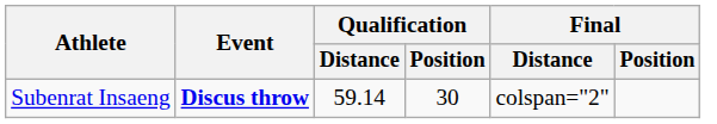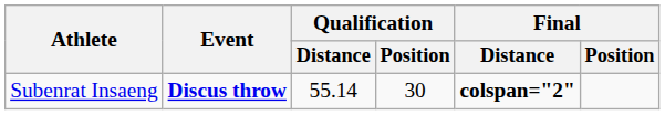 <table class=wikitable style="font-size:90%">
 <tr>
 <th rowspan="2">Athlete</th>
 <th rowspan="2">Event</th>
 <th colspan="2">Qualification</th>
 <th colspan="2">Final</th>
 </tr>
 <tr style="font-size:95%">
 <th>Distance</th>
 <th>Position</th>
 <th>Distance</th>
 <th>Position</th>
 </tr>
 <tr style=text-align:center>
 <td style=text-align:left><a href='#'>Subenrat Insaeng</a></td>
 <td style=text-align:left><strong><a href='#'>Discus throw</a></strong></td>
-<td>59.14</td>
+<td>55.14</td>
 <td>30</td>
-<td>colspan="2" </td>
+<td><strong>colspan="2" </strong></td>
 </tr>
 </table>
